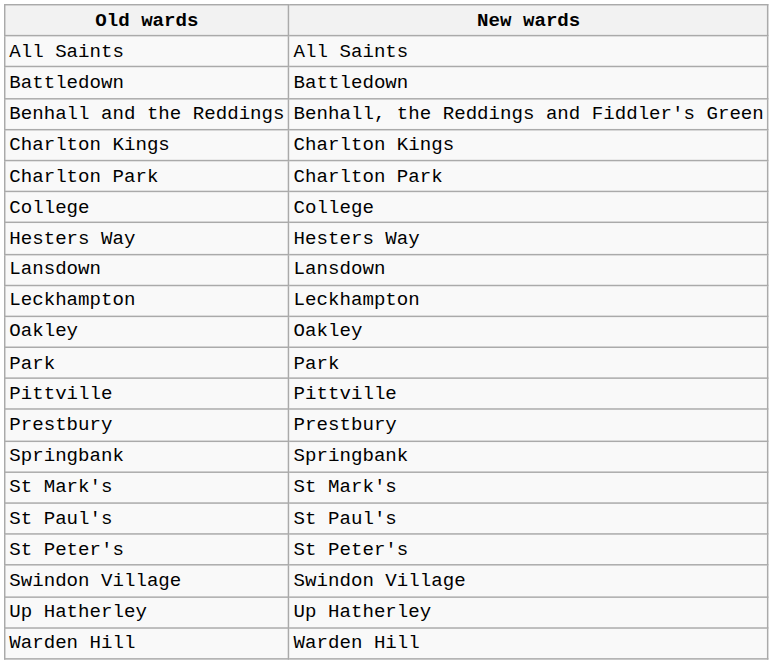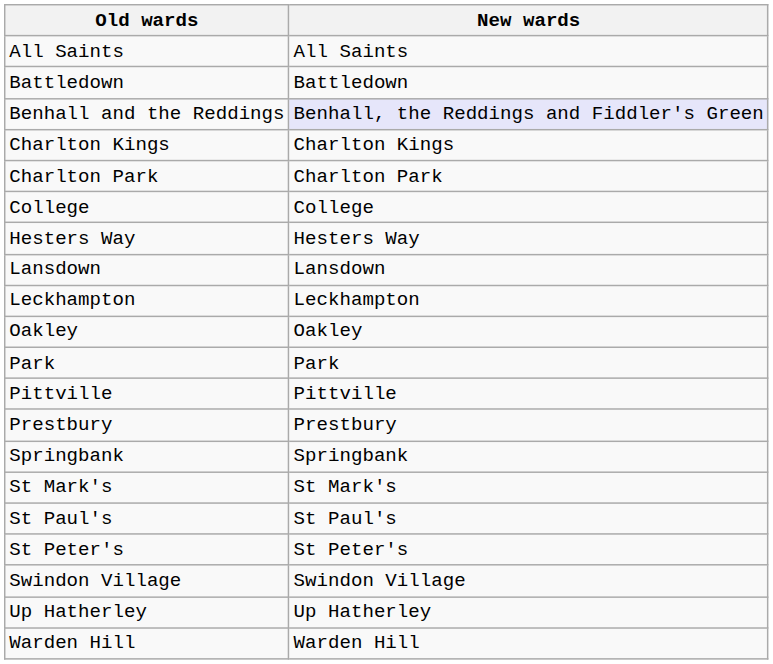 <table class="wikitable">
 <tr>
 <th>Old wards</th>
 <th>New wards</th>
 </tr>
 <tr>
 <td>All Saints</td>
 <td>All Saints</td>
 </tr>
 <tr>
 <td>Battledown</td>
 <td>Battledown</td>
 </tr>
 <tr>
 <td>Benhall and the Reddings</td>
-<td>Benhall, the Reddings and Fiddler's Green</td>
+<td style="background: lavender;">Benhall, the Reddings and Fiddler's Green</td>
 </tr>
 <tr>
 <td>Charlton Kings</td>
 <td>Charlton Kings</td>
 </tr>
 <tr>
 <td>Charlton Park</td>
 <td>Charlton Park</td>
 </tr>
 <tr>
 <td>College</td>
 <td>College</td>
 </tr>
 <tr>
 <td>Hesters Way</td>
 <td>Hesters Way</td>
 </tr>
 <tr>
 <td>Lansdown</td>
 <td>Lansdown</td>
 </tr>
 <tr>
 <td>Leckhampton</td>
 <td>Leckhampton</td>
 </tr>
 <tr>
 <td>Oakley</td>
 <td>Oakley</td>
 </tr>
 <tr>
 <td>Park</td>
 <td>Park</td>
 </tr>
 <tr>
 <td>Pittville</td>
 <td>Pittville</td>
 </tr>
 <tr>
 <td>Prestbury</td>
 <td>Prestbury</td>
 </tr>
 <tr>
 <td>Springbank</td>
 <td>Springbank</td>
 </tr>
 <tr>
 <td>St Mark's</td>
 <td>St Mark's</td>
 </tr>
 <tr>
 <td>St Paul's</td>
 <td>St Paul's</td>
 </tr>
 <tr>
 <td>St Peter's</td>
 <td>St Peter's</td>
 </tr>
 <tr>
 <td>Swindon Village</td>
 <td>Swindon Village</td>
 </tr>
 <tr>
 <td>Up Hatherley</td>
 <td>Up Hatherley</td>
 </tr>
 <tr>
 <td>Warden Hill</td>
 <td>Warden Hill</td>
 </tr>
 </table>
